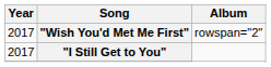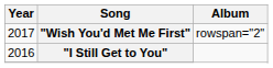 <table class="wikitable plainrowheaders" style="text-align:center;">
 <tr>
 <th>Year</th>
 <th>Song</th>
 <th>Album</th>
 </tr>
 <tr>
 <td>2017</td>
 <th scope="row">"Wish You'd Met Me First"</th>
 <td>rowspan="2" </td>
 </tr>
 <tr>
-<td>2017</td>
+<td>2016</td>
 <th scope="row">"I Still Get to You"</th>
 </tr>
 <tr>
 </tr>
 </table>
